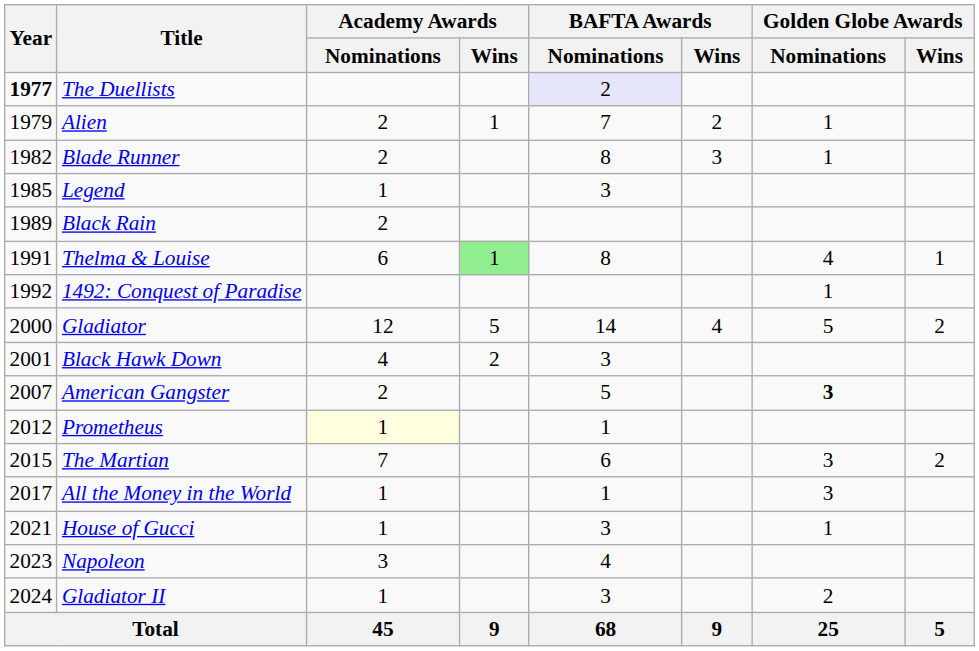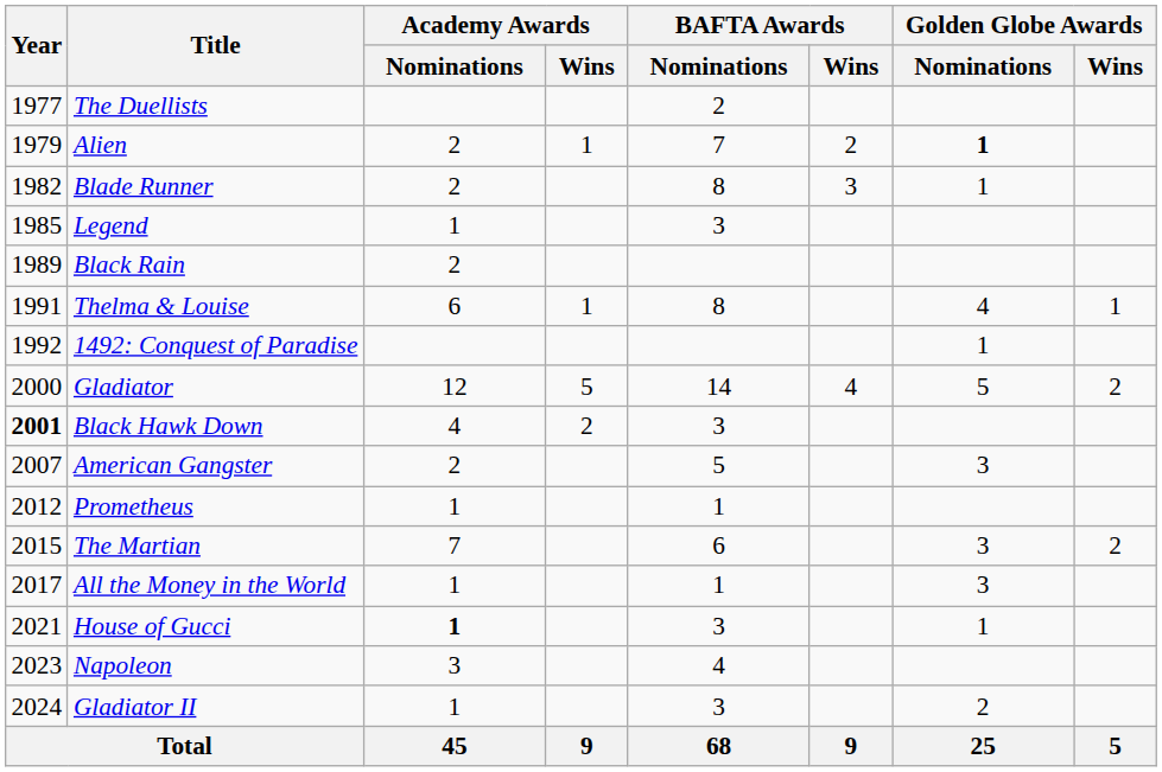 <table class="wikitable">
 <tr>
 <th rowspan="2">Year</th>
 <th rowspan="2">Title</th>
 <th colspan="2" style="text-align:center;" width=160>Academy Awards</th>
 <th colspan="2" style="text-align:center;" width=160>BAFTA Awards</th>
 <th colspan="2" style="text-align:center;" width=160>Golden Globe Awards</th>
 </tr>
 <tr>
 <th>Nominations</th>
 <th>Wins</th>
 <th>Nominations</th>
 <th>Wins</th>
 <th>Nominations</th>
 <th>Wins</th>
 </tr>
 <tr>
-<td><strong>1977</strong></td>
+<td>1977</td>
 <td><em><a href='#'>The Duellists</a></em></td>
 <td></td>
 <td></td>
-<td align=center style="background: lavender;">2</td>
+<td align=center>2</td>
 <td></td>
 <td></td>
 <td></td>
 </tr>
 <tr>
 <td>1979</td>
 <td><em><a href='#'>Alien</a></em></td>
 <td align=center>2</td>
 <td align=center>1</td>
 <td align=center>7</td>
 <td align=center>2</td>
-<td align=center>1</td>
+<td align=center><strong>1</strong></td>
 <td></td>
 </tr>
 <tr>
 <td>1982</td>
 <td><em><a href='#'>Blade Runner</a></em></td>
 <td align=center>2</td>
 <td></td>
 <td align=center>8</td>
 <td align=center>3</td>
 <td align=center>1</td>
 <td></td>
 </tr>
 <tr>
 <td>1985</td>
 <td><em><a href='#'>Legend</a></em></td>
 <td align=center>1</td>
 <td></td>
 <td align=center>3</td>
 <td></td>
 <td></td>
 <td></td>
 </tr>
 <tr>
 <td>1989</td>
 <td><em><a href='#'>Black Rain</a></em></td>
 <td align=center>2</td>
 <td></td>
 <td></td>
 <td></td>
 <td></td>
 <td></td>
 </tr>
 <tr>
 <td>1991</td>
 <td><em><a href='#'>Thelma & Louise</a></em></td>
 <td align=center>6</td>
-<td align=center style="background: lightgreen;">1</td>
+<td align=center>1</td>
 <td align=center>8</td>
 <td></td>
 <td align=center>4</td>
 <td align=center>1</td>
 </tr>
 <tr>
 <td>1992</td>
 <td><em><a href='#'>1492: Conquest of Paradise</a></em></td>
 <td></td>
 <td></td>
 <td></td>
 <td></td>
 <td align=center>1</td>
 <td></td>
 </tr>
 <tr>
 <td>2000</td>
 <td><em><a href='#'>Gladiator</a></em></td>
 <td align=center>12</td>
 <td align=center>5</td>
 <td align=center>14</td>
 <td align=center>4</td>
 <td align=center>5</td>
 <td align=center>2</td>
 </tr>
 <tr>
-<td>2001</td>
+<td><strong>2001</strong></td>
 <td><em><a href='#'>Black Hawk Down</a></em></td>
 <td align=center>4</td>
 <td align=center>2</td>
 <td align=center>3</td>
 <td></td>
 <td></td>
 <td></td>
 </tr>
 <tr>
 <td>2007</td>
 <td><em><a href='#'>American Gangster</a></em></td>
 <td align=center>2</td>
 <td></td>
 <td align=center>5</td>
 <td></td>
-<td align=center><strong>3</strong></td>
+<td align=center>3</td>
 <td></td>
 </tr>
 <tr>
 <td>2012</td>
 <td><em><a href='#'>Prometheus</a></em></td>
-<td align=center style="background: lightyellow;">1</td>
+<td align=center>1</td>
 <td></td>
 <td align=center>1</td>
 <td></td>
 <td></td>
 <td></td>
 </tr>
 <tr>
 <td>2015</td>
 <td><em><a href='#'>The Martian</a></em></td>
 <td align=center>7</td>
 <td></td>
 <td align=center>6</td>
 <td></td>
 <td align=center>3</td>
 <td align=center>2</td>
 </tr>
 <tr>
 <td>2017</td>
 <td><em><a href='#'>All the Money in the World</a></em></td>
 <td align=center>1</td>
 <td></td>
 <td align=center>1</td>
 <td></td>
 <td align=center>3</td>
 <td></td>
 </tr>
 <tr>
 <td>2021</td>
 <td><em><a href='#'>House of Gucci</a></em></td>
-<td align=center>1</td>
+<td align=center><strong>1</strong></td>
 <td></td>
 <td align=center>3</td>
 <td></td>
 <td align=center>1</td>
 <td></td>
 </tr>
 <tr>
 <td>2023</td>
 <td><em><a href='#'>Napoleon</a></em></td>
 <td align=center>3</td>
 <td></td>
 <td align=center>4</td>
 <td></td>
 <td></td>
 </tr>
 <tr>
 <td>2024</td>
 <td><em><a href='#'>Gladiator II</a></em></td>
 <td align=center>1</td>
 <td></td>
 <td align=center>3</td>
 <td></td>
 <td align=center>2</td>
 <td></td>
 </tr>
 <tr>
 <th colspan="2">Total</th>
 <th align=center>45</th>
 <th align=center>9</th>
 <th align=center>68</th>
 <th align=center>9</th>
 <th align=center>25</th>
 <th align=center>5</th>
 </tr>
 </table>
